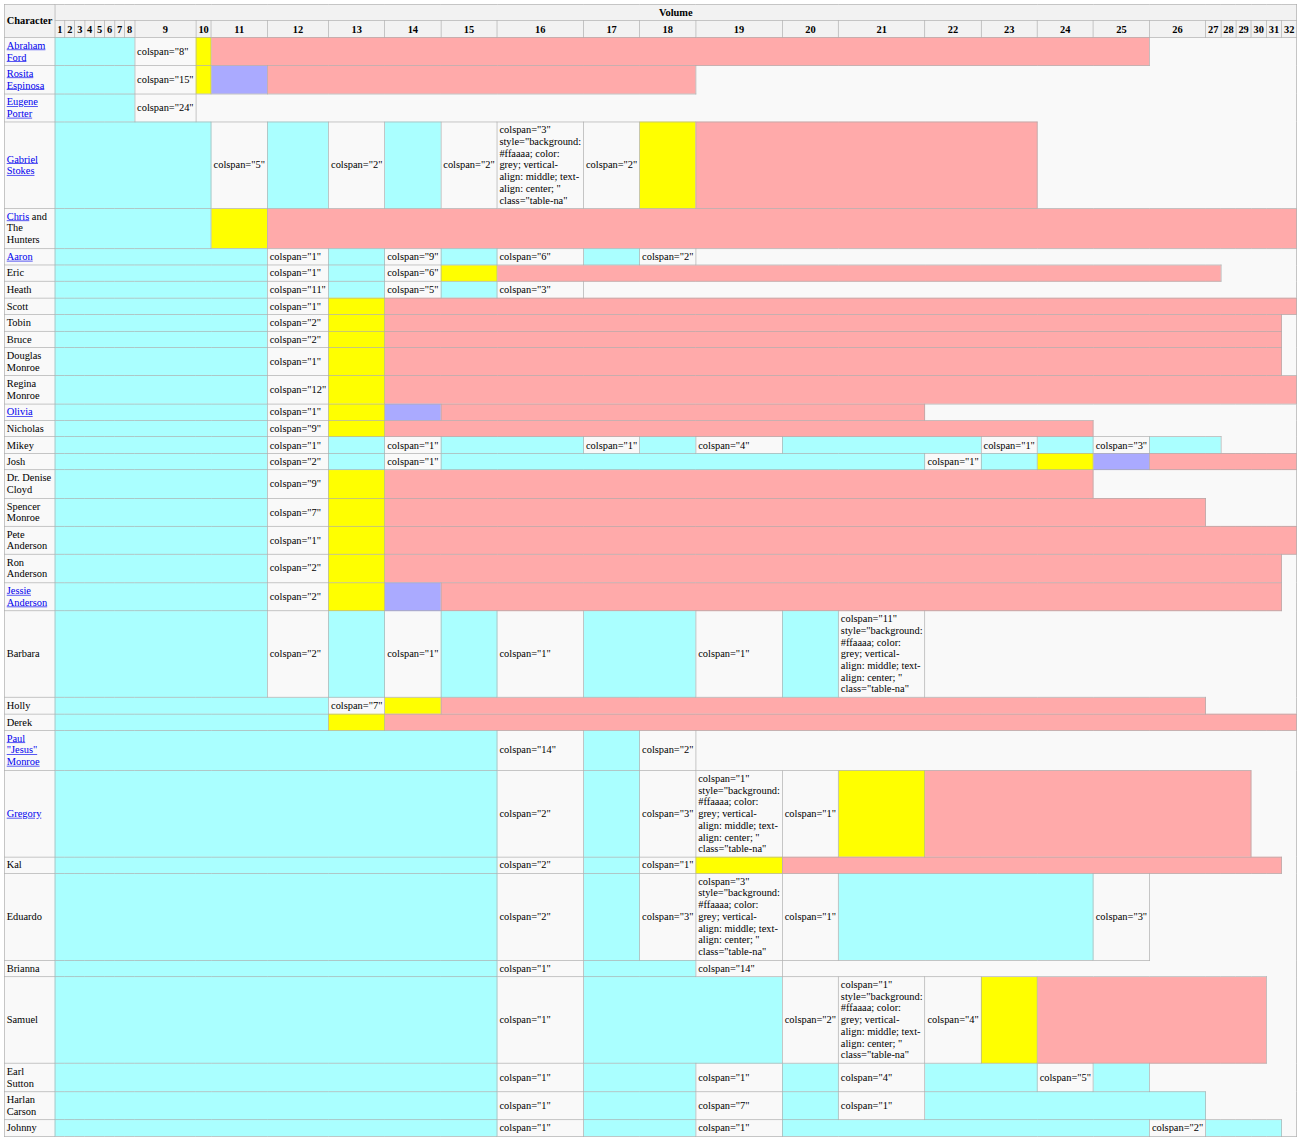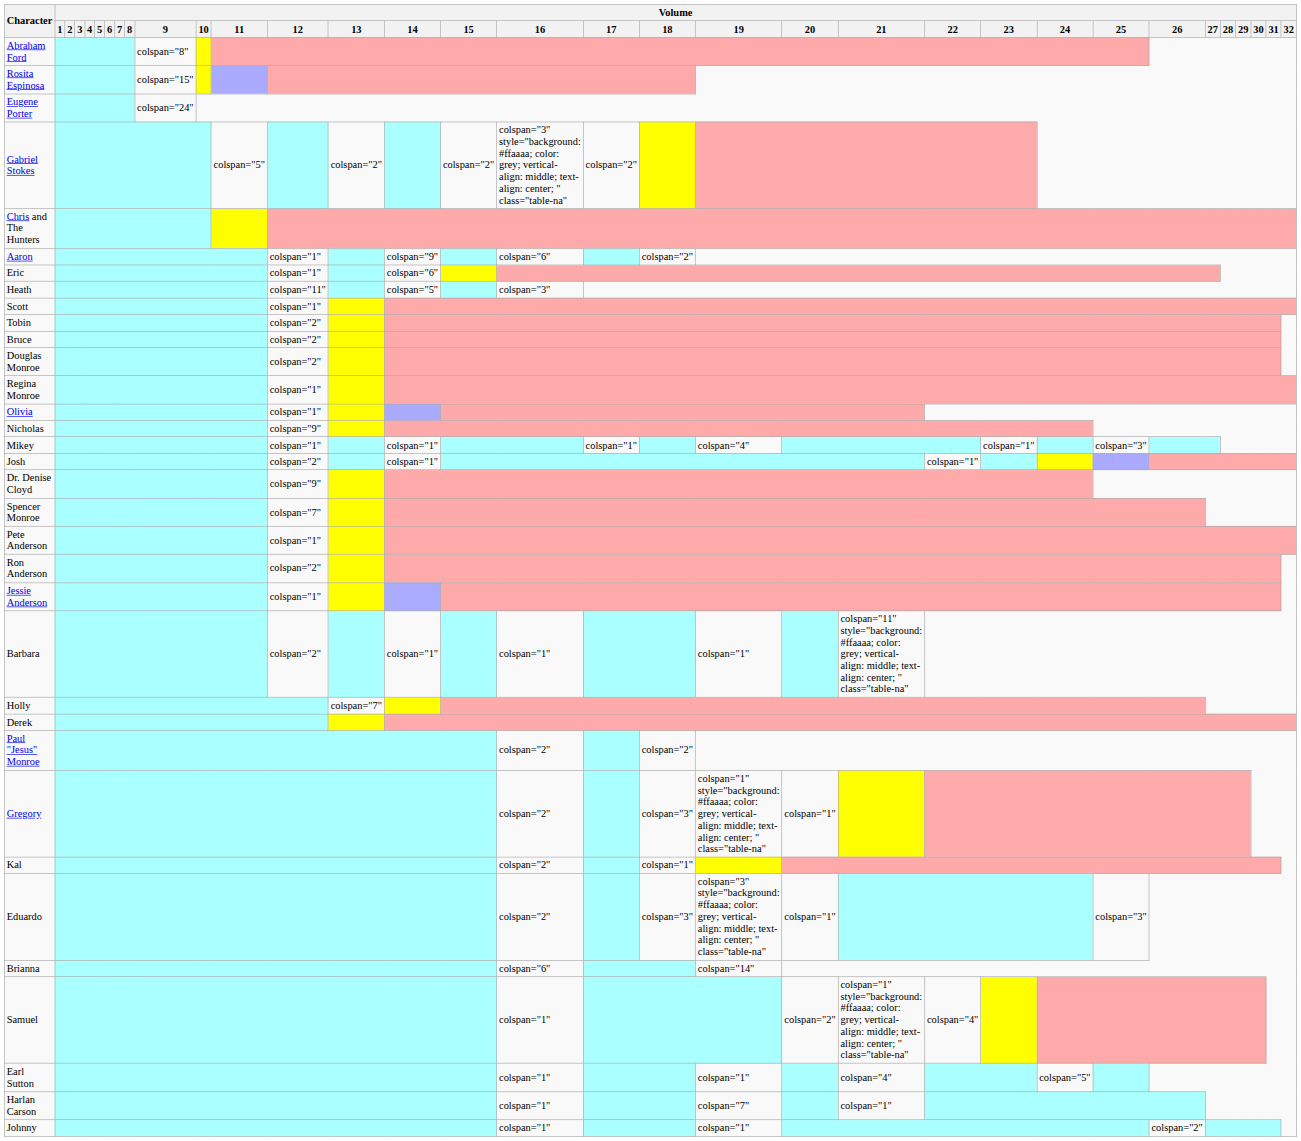 <table class="wikitable">
 <tr>
 <th rowspan="2">Character</th>
 <th colspan="32">Volume</th>
 </tr>
 <tr>
 <th style="width:3%;">1</th>
 <th style="width:3%;">2</th>
 <th style="width:3%;">3</th>
 <th style="width:3%;">4</th>
 <th style="width:3%;">5</th>
 <th style="width:3%;">6</th>
 <th style="width:3%;">7</th>
 <th style="width:3%;">8</th>
 <th style="width:3%;">9</th>
 <th style="width:3%;">10</th>
 <th style="width:3%;">11</th>
 <th style="width:3%;">12</th>
 <th style="width:3%;">13</th>
 <th style="width:3%;">14</th>
 <th style="width:3%;">15</th>
 <th style="width:3%;">16</th>
 <th style="width:3%;">17</th>
 <th style="width:3%;">18</th>
 <th style="width:3%;">19</th>
 <th style="width:3%;">20</th>
 <th style="width:3%;">21</th>
 <th style="width:3%;">22</th>
 <th style="width:3%;">23</th>
 <th style="width:3%;">24</th>
 <th style="width:3%;">25</th>
 <th style="width:3%;">26</th>
 <th style="width:3%;">27</th>
 <th style="width:3%;">28</th>
 <th style="width:3%;">29</th>
 <th style="width:3%;">30</th>
 <th style="width:3%;">31</th>
 <th style="width:3%;">32</th>
 </tr>
 <tr>
 <td><a href='#'>Abraham Ford</a></td>
 <td colspan="8" style="background: #aaffff; color: grey; vertical-align: middle; text-align: center; " class="table-na"></td>
 <td>colspan="8" </td>
 <td style="background:yellow; vertical-align:middle; text-align: center;"></td>
 <td colspan="15" style="background: #ffaaaa; color: grey; vertical-align: middle; text-align: center; " class="table-na"></td>
 </tr>
 <tr>
 <td><a href='#'>Rosita Espinosa</a></td>
 <td colspan="8" style="background: #aaffff; color: grey; vertical-align: middle; text-align: center; " class="table-na"></td>
 <td>colspan="15" </td>
 <td style="background:yellow; vertical-align:middle; text-align: center;"></td>
 <td style="background: #aaaaff" colspan="1" align="center"></td>
 <td colspan="7" style="background: #ffaaaa; color: grey; vertical-align: middle; text-align: center; " class="table-na"></td>
 </tr>
 <tr>
 <td><a href='#'>Eugene Porter</a></td>
 <td colspan="8" style="background: #aaffff; color: grey; vertical-align: middle; text-align: center; " class="table-na"></td>
 <td>colspan="24" </td>
 </tr>
 <tr>
 <td><a href='#'>Gabriel Stokes</a></td>
 <td colspan="10" style="background: #aaffff; color: grey; vertical-align: middle; text-align: center; " class="table-na"></td>
 <td>colspan="5" </td>
 <td style="background: #aaffff" colspan="1" align="center"></td>
 <td>colspan="2" </td>
 <td style="background: #aaffff" colspan="1" align="center"></td>
 <td>colspan="2" </td>
 <td>colspan="3" style="background: #ffaaaa; color: grey; vertical-align: middle; text-align: center; " class="table-na" </td>
 <td>colspan="2" </td>
 <td style="background:yellow; vertical-align:middle; text-align: center;"></td>
 <td colspan="5" style="background: #ffaaaa; color: grey; vertical-align: middle; text-align: center; " class="table-na"></td>
 </tr>
 <tr>
 <td><a href='#'>Chris</a> and The Hunters</td>
 <td colspan="10" style="background: #aaffff; color: grey; vertical-align: middle; text-align: center; " class="table-na"></td>
 <td style="background:yellow; vertical-align:middle; text-align: center;"></td>
 <td colspan="21" style="background: #ffaaaa; color: grey; vertical-align: middle; text-align: center; " class="table-na"></td>
 </tr>
 <tr>
 <td><a href='#'>Aaron</a></td>
 <td colspan="11" style="background: #aaffff; color: grey; vertical-align: middle; text-align: center; " class="table-na"></td>
 <td>colspan="1" </td>
 <td style="background: #aaffff" colspan="1" align="center"></td>
 <td>colspan="9" </td>
 <td style="background: #aaffff" colspan="1" align="center"></td>
 <td>colspan="6" </td>
 <td style="background: #aaffff" colspan="1" align="center"></td>
 <td>colspan="2" </td>
 </tr>
 <tr>
 <td>Eric</td>
 <td colspan="11" style="background: #aaffff; color: grey; vertical-align: middle; text-align: center; " class="table-na"></td>
 <td>colspan="1" </td>
 <td style="background: #aaffff" colspan="1" align="center"></td>
 <td>colspan="6" </td>
 <td style="background:yellow; vertical-align:middle; text-align: center;"></td>
 <td colspan="12" style="background: #ffaaaa; color: grey; vertical-align: middle; text-align: center; " class="table-na"></td>
 </tr>
 <tr>
 <td>Heath</td>
 <td colspan="11" style="background: #aaffff; color: grey; vertical-align: middle; text-align: center; " class="table-na"></td>
 <td>colspan="11" </td>
 <td style="background: #aaffff" colspan="1" align="center"></td>
 <td>colspan="5" </td>
 <td style="background: #aaffff" colspan="1" align="center"></td>
 <td>colspan="3" </td>
 </tr>
 <tr>
 <td>Scott</td>
 <td colspan="11" style="background: #aaffff; color: grey; vertical-align: middle; text-align: center; " class="table-na"></td>
 <td>colspan="1" </td>
 <td style="background:yellow; vertical-align:middle; text-align: center;"></td>
 <td colspan="19" style="background: #ffaaaa; color: grey; vertical-align: middle; text-align: center; " class="table-na"></td>
 </tr>
 <tr>
 <td>Tobin</td>
 <td colspan="11" style="background: #aaffff; color: grey; vertical-align: middle; text-align: center; " class="table-na"></td>
 <td>colspan="2" </td>
 <td style="background:yellow; vertical-align:middle; text-align: center;"></td>
 <td colspan="18" style="background: #ffaaaa; color: grey; vertical-align: middle; text-align: center; " class="table-na"></td>
 </tr>
 <tr>
 <td>Bruce</td>
 <td colspan="11" style="background: #aaffff; color: grey; vertical-align: middle; text-align: center; " class="table-na"></td>
 <td>colspan="2" </td>
 <td style="background:yellow; vertical-align:middle; text-align: center;"></td>
 <td colspan="18" style="background: #ffaaaa; color: grey; vertical-align: middle; text-align: center; " class="table-na"></td>
 </tr>
 <tr>
 <td>Douglas Monroe</td>
 <td colspan="11" style="background: #aaffff; color: grey; vertical-align: middle; text-align: center; " class="table-na"></td>
-<td>colspan="1" </td>
+<td>colspan="2" </td>
 <td style="background:yellow; vertical-align:middle; text-align: center;"></td>
 <td colspan="18" style="background: #ffaaaa; color: grey; vertical-align: middle; text-align: center; " class="table-na"></td>
 </tr>
 <tr>
 <td>Regina Monroe</td>
 <td colspan="11" style="background: #aaffff; color: grey; vertical-align: middle; text-align: center; " class="table-na"></td>
-<td>colspan="12" </td>
+<td>colspan="1" </td>
 <td style="background:yellow; vertical-align:middle; text-align: center;"></td>
 <td colspan="19" style="background: #ffaaaa; color: grey; vertical-align: middle; text-align: center; " class="table-na"></td>
 </tr>
 <tr>
 <td><a href='#'>Olivia</a></td>
 <td colspan="11" style="background: #aaffff; color: grey; vertical-align: middle; text-align: center; " class="table-na"></td>
 <td>colspan="1" </td>
 <td style="background:yellow; vertical-align:middle; text-align: center;"></td>
 <td style="background: #aaaaff" colspan="1" align="center"></td>
 <td colspan="7" style="background: #ffaaaa; color: grey; vertical-align: middle; text-align: center; " class="table-na"></td>
 </tr>
 <tr>
 <td>Nicholas</td>
 <td colspan="11" style="background: #aaffff; color: grey; vertical-align: middle; text-align: center; " class="table-na"></td>
 <td>colspan="9" </td>
 <td style="background:yellow; vertical-align:middle; text-align: center;"></td>
 <td colspan="11" style="background: #ffaaaa; color: grey; vertical-align: middle; text-align: center; " class="table-na"></td>
 </tr>
 <tr>
 <td>Mikey</td>
 <td colspan="11" style="background: #aaffff; color: grey; vertical-align: middle; text-align: center; " class="table-na"></td>
 <td>colspan="1" </td>
 <td style="background: #aaffff" colspan="1" align="center"></td>
 <td>colspan="1" </td>
 <td style="background: #aaffff" colspan="2" align="center"></td>
 <td>colspan="1" </td>
 <td style="background: #aaffff" colspan="1" align="center"></td>
 <td>colspan="4" </td>
 <td style="background: #aaffff" colspan="3" align="center"></td>
 <td>colspan="1" </td>
 <td style="background: #aaffff" colspan="1" align="center"></td>
 <td>colspan="3" </td>
 <td style="background: #aaffff" colspan="2" align="center"></td>
 </tr>
 <tr>
 <td>Josh</td>
 <td colspan="11" style="background: #aaffff; color: grey; vertical-align: middle; text-align: center; " class="table-na"></td>
 <td>colspan="2" </td>
 <td style="background: #aaffff" colspan="1" align="centre"></td>
 <td>colspan="1" </td>
 <td style="background: #aaffff" colspan="7" align="centre"></td>
 <td>colspan="1" </td>
 <td style="background: #aaffff" colspan="1" align="centre"></td>
 <td style="background:yellow; vertical-align:middle; text-align: center;"></td>
 <td style="background: #aaaaff" colspan="1" align="center"></td>
 <td colspan="7" style="background: #ffaaaa; color: grey; vertical-align: middle; text-align: center; " class="table-na"></td>
 </tr>
 <tr>
 <td>Dr. Denise Cloyd</td>
 <td colspan="11" style="background: #aaffff; color: grey; vertical-align: middle; text-align: center; " class="table-na"></td>
 <td>colspan="9" </td>
 <td style="background:yellow; vertical-align:middle; text-align: center;"></td>
 <td colspan="11" style="background: #ffaaaa; color: grey; vertical-align: middle; text-align: center; " class="table-na"></td>
 </tr>
 <tr>
 <td>Spencer Monroe</td>
 <td colspan="11" style="background: #aaffff; color: grey; vertical-align: middle; text-align: center; " class="table-na"></td>
 <td>colspan="7" </td>
 <td style="background:yellow; vertical-align:middle; text-align: center;"></td>
 <td colspan="13" style="background: #ffaaaa; color: grey; vertical-align: middle; text-align: center; " class="table-na"></td>
 </tr>
 <tr>
 <td>Pete Anderson</td>
 <td colspan="11" style="background: #aaffff; color: grey; vertical-align: middle; text-align: center; " class="table-na"></td>
 <td>colspan="1" </td>
 <td style="background:yellow; vertical-align:middle; text-align: center;"></td>
 <td colspan="19" style="background: #ffaaaa; color: grey; vertical-align: middle; text-align: center; " class="table-na"></td>
 </tr>
 <tr>
 <td>Ron Anderson</td>
 <td colspan="11" style="background: #aaffff; color: grey; vertical-align: middle; text-align: center; " class="table-na"></td>
 <td>colspan="2" </td>
 <td style="background:yellow; vertical-align:middle; text-align: center;"></td>
 <td colspan="18" style="background: #ffaaaa; color: grey; vertical-align: middle; text-align: center; " class="table-na"></td>
 </tr>
 <tr>
 <td><a href='#'>Jessie Anderson</a></td>
 <td colspan="11" style="background: #aaffff; color: grey; vertical-align: middle; text-align: center; " class="table-na"></td>
-<td>colspan="2" </td>
+<td>colspan="1" </td>
 <td style="background:yellow; vertical-align:middle; text-align: center;"></td>
 <td style="background: #aaaaff" colspan="1" align="center"></td>
 <td colspan="17" style="background: #ffaaaa; color: grey; vertical-align: middle; text-align: center; " class="table-na"></td>
 </tr>
 <tr>
 <td>Barbara</td>
 <td colspan="11" style="background: #aaffff; color: grey; vertical-align: middle; text-align: center; " class="table-na"></td>
 <td>colspan="2" </td>
 <td style="background: #aaffff" colspan="1" align="centre"></td>
 <td>colspan="1" </td>
 <td style="background: #aaffff" colspan="1" align="centre"></td>
 <td>colspan="1" </td>
 <td style="background: #aaffff" colspan="2" align="centre"></td>
 <td>colspan="1" </td>
 <td style="background: #aaffff" colspan="1" align="centre"></td>
 <td>colspan="11" style="background: #ffaaaa; color: grey; vertical-align: middle; text-align: center; " class="table-na" </td>
 </tr>
 <tr>
 <td>Holly</td>
 <td colspan="12" style="background: #aaffff; color: grey; vertical-align: middle; text-align: center; " class="table-na"></td>
 <td>colspan="7" </td>
 <td style="background:yellow; vertical-align:middle; text-align: center;"></td>
 <td colspan="12" style="background: #ffaaaa; color: grey; vertical-align: middle; text-align: center; " class="table-na"></td>
 </tr>
 <tr>
 <td>Derek</td>
 <td colspan="12" style="background: #aaffff; color: grey; vertical-align: middle; text-align: center; " class="table-na"></td>
 <td style="background:yellow; vertical-align:middle; text-align: center;"></td>
 <td colspan="19" style="background: #ffaaaa; color: grey; vertical-align: middle; text-align: center; " class="table-na"></td>
 </tr>
 <tr>
 <td><a href='#'>Paul "Jesus" Monroe</a></td>
 <td colspan="15" style="background: #aaffff; color: grey; vertical-align: middle; text-align: center; " class="table-na"></td>
-<td>colspan="14" </td>
+<td>colspan="2" </td>
 <td style="background: #aaffff" colspan="1" align="center"></td>
 <td>colspan="2" </td>
 </tr>
 <tr>
 <td><a href='#'>Gregory</a></td>
 <td colspan="15" style="background: #aaffff; color: grey; vertical-align: middle; text-align: center; " class="table-na"></td>
 <td>colspan="2" </td>
 <td style="background: #aaffff" colspan="1" align="center"></td>
 <td>colspan="3" </td>
 <td>colspan="1" style="background: #ffaaaa; color: grey; vertical-align: middle; text-align: center; " class="table-na" </td>
 <td>colspan="1" </td>
 <td style="background:yellow;"></td>
 <td colspan="8" style="background: #ffaaaa; color: grey; vertical-align: middle; text-align: center; " class="table-na"></td>
 </tr>
 <tr>
 <td>Kal</td>
 <td colspan="15" style="background: #aaffff; color: grey; vertical-align: middle; text-align: center; " class="table-na"></td>
 <td>colspan="2" </td>
 <td style="background: #aaffff" colspan="1" align="center"></td>
 <td>colspan="1" </td>
 <td style="background:yellow; vertical-align:middle; text-align: center;"></td>
 <td colspan="12" style="background: #ffaaaa; color: grey; vertical-align: middle; text-align: center; " class="table-na"></td>
 </tr>
 <tr>
 <td>Eduardo</td>
 <td colspan="15" style="background: #aaffff; color: grey; vertical-align: middle; text-align: center; " class="table-na"></td>
 <td>colspan="2" </td>
 <td style="background: #aaffff" colspan="1" align="center"></td>
 <td>colspan="3" </td>
 <td>colspan="3" style="background: #ffaaaa; color: grey; vertical-align: middle; text-align: center; " class="table-na" </td>
 <td>colspan="1" </td>
 <td style="background: #aaffff" colspan="4" align="centre"></td>
 <td>colspan="3" </td>
 </tr>
 <tr>
 <td>Brianna</td>
 <td colspan="15" style="background: #aaffff; color: grey; vertical-align: middle; text-align: center; " class="table-na"></td>
-<td>colspan="1" </td>
+<td>colspan="6" </td>
 <td style="background: #aaffff" colspan="2" align="center"></td>
 <td>colspan="14" </td>
 </tr>
 <tr>
 <td>Samuel</td>
 <td colspan="15" style="background: #aaffff; color: grey; vertical-align: middle; text-align: center; " class="table-na"></td>
 <td>colspan="1" </td>
 <td style="background: #aaffff" colspan="3" align="centre"></td>
 <td>colspan="2" </td>
 <td>colspan="1" style="background: #ffaaaa; color: grey; vertical-align: middle; text-align: center; " class="table-na" </td>
 <td>colspan="4" </td>
 <td style="background:yellow; vertical-align:middle; text-align: center;"></td>
 <td colspan="7" style="background: #ffaaaa; color: grey; vertical-align: middle; text-align: center; " class="table-na"></td>
 </tr>
 <tr>
 <td>Earl Sutton</td>
 <td colspan="15" style="background: #aaffff; color: grey; vertical-align: middle; text-align: center; " class="table-na"></td>
 <td>colspan="1" </td>
 <td style="background: #aaffff" colspan="2" align="center"></td>
 <td>colspan="1" </td>
 <td style="background: #aaffff" colspan="1" align="center"></td>
 <td>colspan="4" </td>
 <td style="background: #aaffff" colspan="2" align="center"></td>
 <td>colspan="5" </td>
 <td style="background: #aaffff" colspan="1" align="centre"></td>
 </tr>
 <tr>
 <td>Harlan Carson</td>
 <td colspan="15" style="background: #aaffff; color: grey; vertical-align: middle; text-align: center; " class="table-na"></td>
 <td>colspan="1" </td>
 <td style="background: #aaffff" colspan="2" align="centre"></td>
 <td>colspan="7" </td>
 <td style="background: #aaffff" colspan="1" align="center"></td>
 <td>colspan="1" </td>
 <td style="background: #aaffff" colspan="5" align="center"></td>
 </tr>
 <tr>
 <td>Johnny</td>
 <td colspan="15" style="background: #aaffff; color: grey; vertical-align: middle; text-align: center; " class="table-na"></td>
 <td>colspan="1" </td>
 <td style="background: #aaffff" colspan="2" align="centre"></td>
 <td>colspan="1" </td>
 <td style="background: #aaffff" colspan="6" align="centre"></td>
 <td>colspan="2" </td>
 <td style="background: #aaffff" colspan="5" align="center"></td>
 </tr>
 </table>
